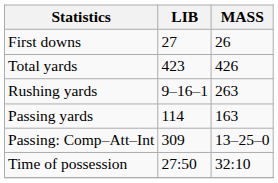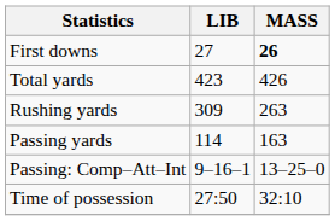 <table class="wikitable" style="float: left;">
 <tr>
 <th>Statistics</th>
 <th>LIB</th>
 <th>MASS</th>
 </tr>
 <tr>
 <td>First downs</td>
 <td>27</td>
-<td>26</td>
+<td><strong>26</strong></td>
 </tr>
 <tr>
 <td>Total yards</td>
 <td>423</td>
 <td>426</td>
 </tr>
 <tr>
 <td>Rushing yards</td>
-<td>9–16–1</td>
+<td>309</td>
 <td>263</td>
 </tr>
 <tr>
 <td>Passing yards</td>
 <td>114</td>
 <td>163</td>
 </tr>
 <tr>
 <td>Passing: Comp–Att–Int</td>
-<td>309</td>
+<td>9–16–1</td>
 <td>13–25–0</td>
 </tr>
 <tr>
 <td>Time of possession</td>
 <td>27:50</td>
 <td>32:10</td>
 </tr>
 <tr>
 </tr>
 </table>
